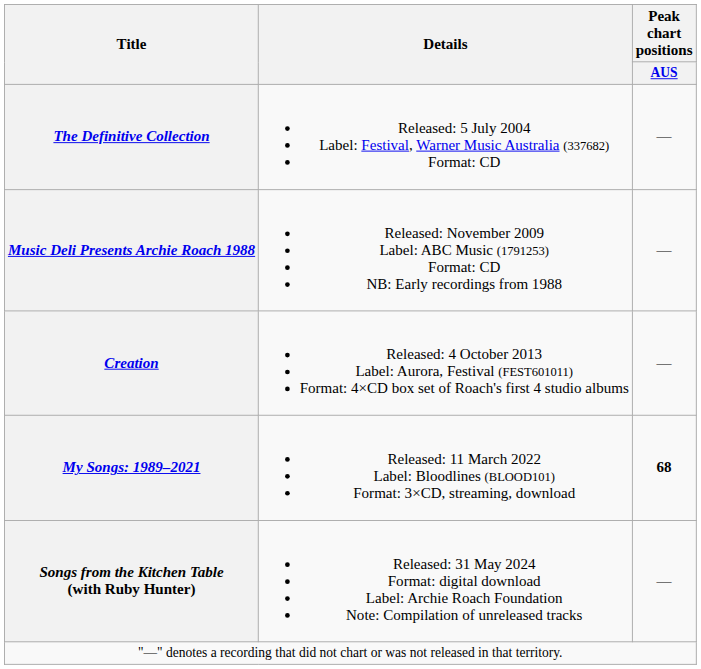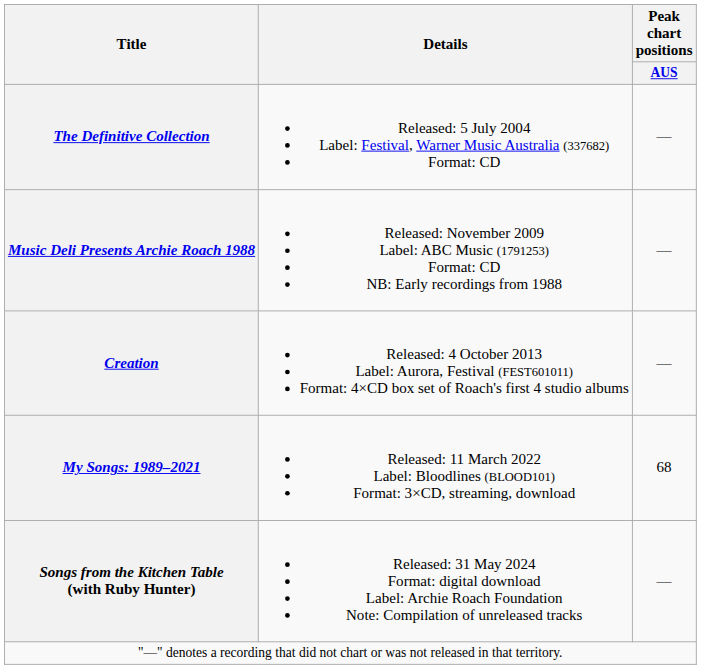 <table class="wikitable plainrowheaders" style="text-align:center;">
 <tr>
 <th scope="col" rowspan="2">Title</th>
 <th scope="col" rowspan="2">Details</th>
 <th scope="col" colspan="1">Peak chart positions</th>
 </tr>
 <tr>
 <th scope="col" style="width:3em;font-size:90%;"><a href='#'>AUS</a><br></th>
 </tr>
 <tr>
 <th scope="row"><em><a href='#'>The Definitive Collection</a></em></th>
 <td><br><ul><li>Released: 5 July 2004</li><li>Label: <a href='#'>Festival</a>, <a href='#'>Warner Music Australia</a> <small>(337682)</small></li><li>Format: CD</li></ul></td>
 <td>—</td>
 </tr>
 <tr>
 <th scope="row"><em><a href='#'>Music Deli Presents Archie Roach 1988</a></em></th>
 <td><br><ul><li>Released: November 2009</li><li>Label: ABC Music <small> (1791253)</small></li><li>Format: CD</li><li>NB: Early recordings from 1988</li></ul></td>
 <td>—</td>
 </tr>
 <tr>
 <th scope="row"><em><a href='#'>Creation</a></em></th>
 <td><br><ul><li>Released: 4 October 2013</li><li>Label: Aurora, Festival <small>(FEST601011)</small></li><li>Format: 4×CD box set of Roach's first 4 studio albums</li></ul></td>
 <td>—</td>
 </tr>
 <tr>
 <th scope="row"><em><a href='#'>My Songs: 1989–2021</a></em></th>
 <td><br><ul><li>Released: 11 March 2022</li><li>Label: Bloodlines <small>(BLOOD101)</small></li><li>Format: 3×CD, streaming, download</li></ul></td>
-<td><strong>68</strong></td>
+<td>68</td>
 </tr>
 <tr>
 <th scope="row"><em>Songs from the Kitchen Table</em> <br>(with Ruby Hunter)</th>
 <td><br><ul><li>Released: 31 May 2024</li><li>Format: digital download</li><li>Label: Archie Roach Foundation</li><li>Note: Compilation of unreleased tracks</li></ul></td>
 <td>—</td>
 </tr>
 <tr>
 <td colspan="4" style="font-size:90%">"—" denotes a recording that did not chart or was not released in that territory.</td>
 </tr>
 </table>
